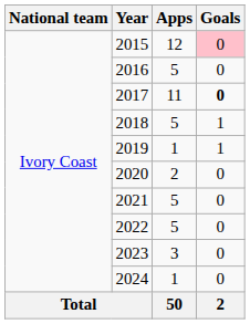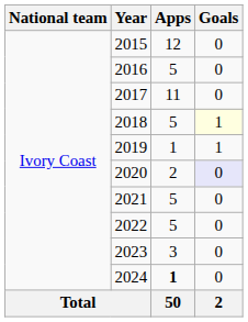 <table class=wikitable style="text-align:center">
 <tr>
 <th>National team</th>
 <th>Year</th>
 <th>Apps</th>
 <th>Goals</th>
 </tr>
 <tr>
 <td rowspan=10><a href='#'>Ivory Coast</a></td>
 <td>2015</td>
 <td>12</td>
-<td style="background: pink;">0</td>
+<td>0</td>
 </tr>
 <tr>
 <td>2016</td>
 <td>5</td>
 <td>0</td>
 </tr>
 <tr>
 <td>2017</td>
 <td>11</td>
-<td><strong>0</strong></td>
+<td>0</td>
 </tr>
 <tr>
 <td>2018</td>
 <td>5</td>
-<td>1</td>
+<td style="background: lightyellow;">1</td>
 </tr>
 <tr>
 <td>2019</td>
 <td>1</td>
 <td>1</td>
 </tr>
 <tr>
 <td>2020</td>
 <td>2</td>
-<td>0</td>
+<td style="background: lavender;">0</td>
 </tr>
 <tr>
 <td>2021</td>
 <td>5</td>
 <td>0</td>
 </tr>
 <tr>
 <td>2022</td>
 <td>5</td>
 <td>0</td>
 </tr>
 <tr>
 <td>2023</td>
 <td>3</td>
 <td>0</td>
 </tr>
 <tr>
 <td>2024</td>
-<td>1</td>
+<td><strong>1</strong></td>
 <td>0</td>
 </tr>
 <tr>
 <th colspan=2>Total</th>
 <th>50</th>
 <th>2</th>
 </tr>
 </table>
